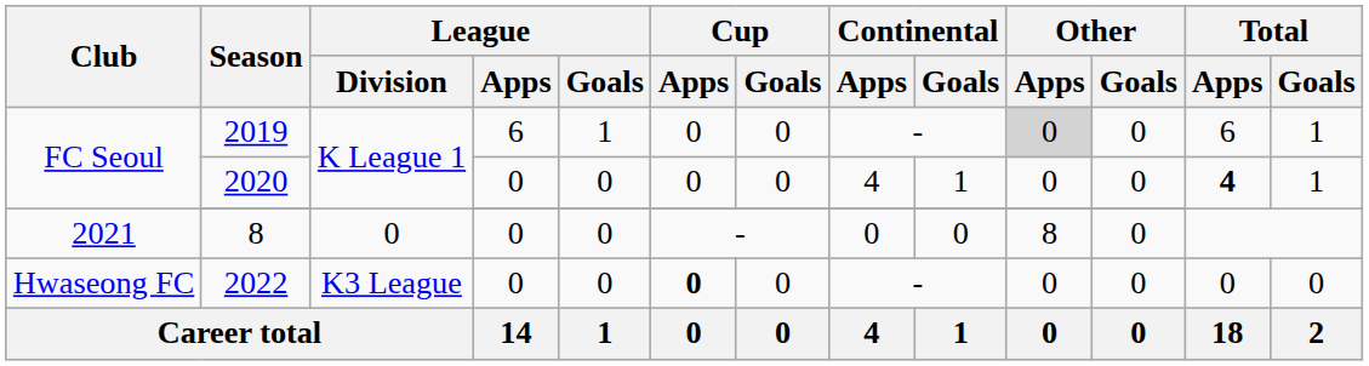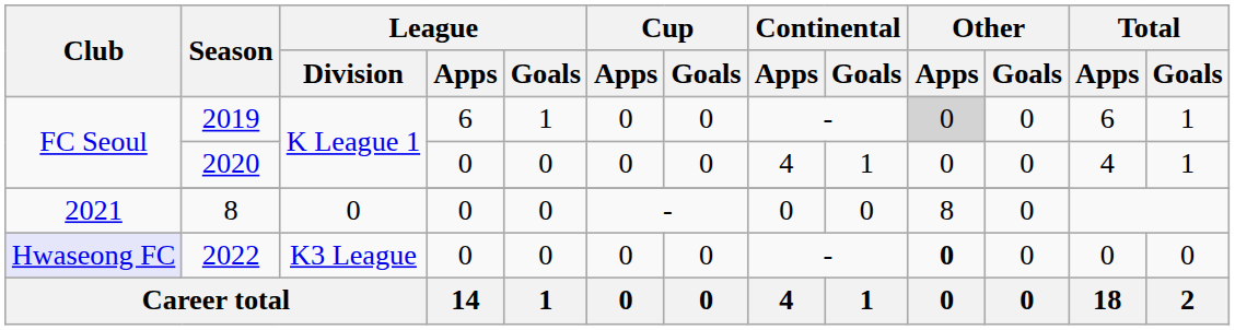 <table class="wikitable" style="text-align: center">
 <tr>
 <th rowspan="2">Club</th>
 <th rowspan="2">Season</th>
 <th colspan="3">League</th>
 <th colspan="2">Cup</th>
 <th colspan="2">Continental</th>
 <th colspan="2">Other</th>
 <th colspan="2">Total</th>
 </tr>
 <tr>
 <th>Division</th>
 <th>Apps</th>
 <th>Goals</th>
 <th>Apps</th>
 <th>Goals</th>
 <th>Apps</th>
 <th>Goals</th>
 <th>Apps</th>
 <th>Goals</th>
 <th>Apps</th>
 <th>Goals</th>
 </tr>
 <tr>
 <td rowspan="3"><a href='#'>FC Seoul</a></td>
 <td><a href='#'>2019</a></td>
 <td rowspan="3"><a href='#'>K League 1</a></td>
 <td>6</td>
 <td>1</td>
 <td>0</td>
 <td>0</td>
 <td colspan=2>-</td>
 <td style="background: lightgrey;">0</td>
 <td>0</td>
 <td>6</td>
 <td>1</td>
 </tr>
 <tr>
 <td><a href='#'>2020</a></td>
 <td>0</td>
 <td>0</td>
 <td>0</td>
 <td>0</td>
 <td>4</td>
 <td>1</td>
 <td>0</td>
 <td>0</td>
-<td><strong>4</strong></td>
+<td>4</td>
 <td>1</td>
 </tr>
 <tr>
 </tr>
 <tr>
 <td><a href='#'>2021</a></td>
 <td>8</td>
 <td>0</td>
 <td>0</td>
 <td>0</td>
 <td colspan=2>-</td>
 <td>0</td>
 <td>0</td>
 <td>8</td>
 <td>0</td>
 </tr>
 <tr>
-<td><a href='#'>Hwaseong FC</a></td>
+<td style="background: lavender;"><a href='#'>Hwaseong FC</a></td>
 <td><a href='#'>2022</a></td>
 <td><a href='#'>K3 League</a></td>
 <td>0</td>
 <td>0</td>
-<td><strong>0</strong></td>
+<td>0</td>
 <td>0</td>
 <td colspan=2>-</td>
-<td>0</td>
+<td><strong>0</strong></td>
 <td>0</td>
 <td>0</td>
 <td>0</td>
 </tr>
 <tr>
 <th colspan=3>Career total</th>
 <th>14</th>
 <th>1</th>
 <th>0</th>
 <th>0</th>
 <th>4</th>
 <th>1</th>
 <th>0</th>
 <th>0</th>
 <th>18</th>
 <th>2</th>
 </tr>
 </table>
